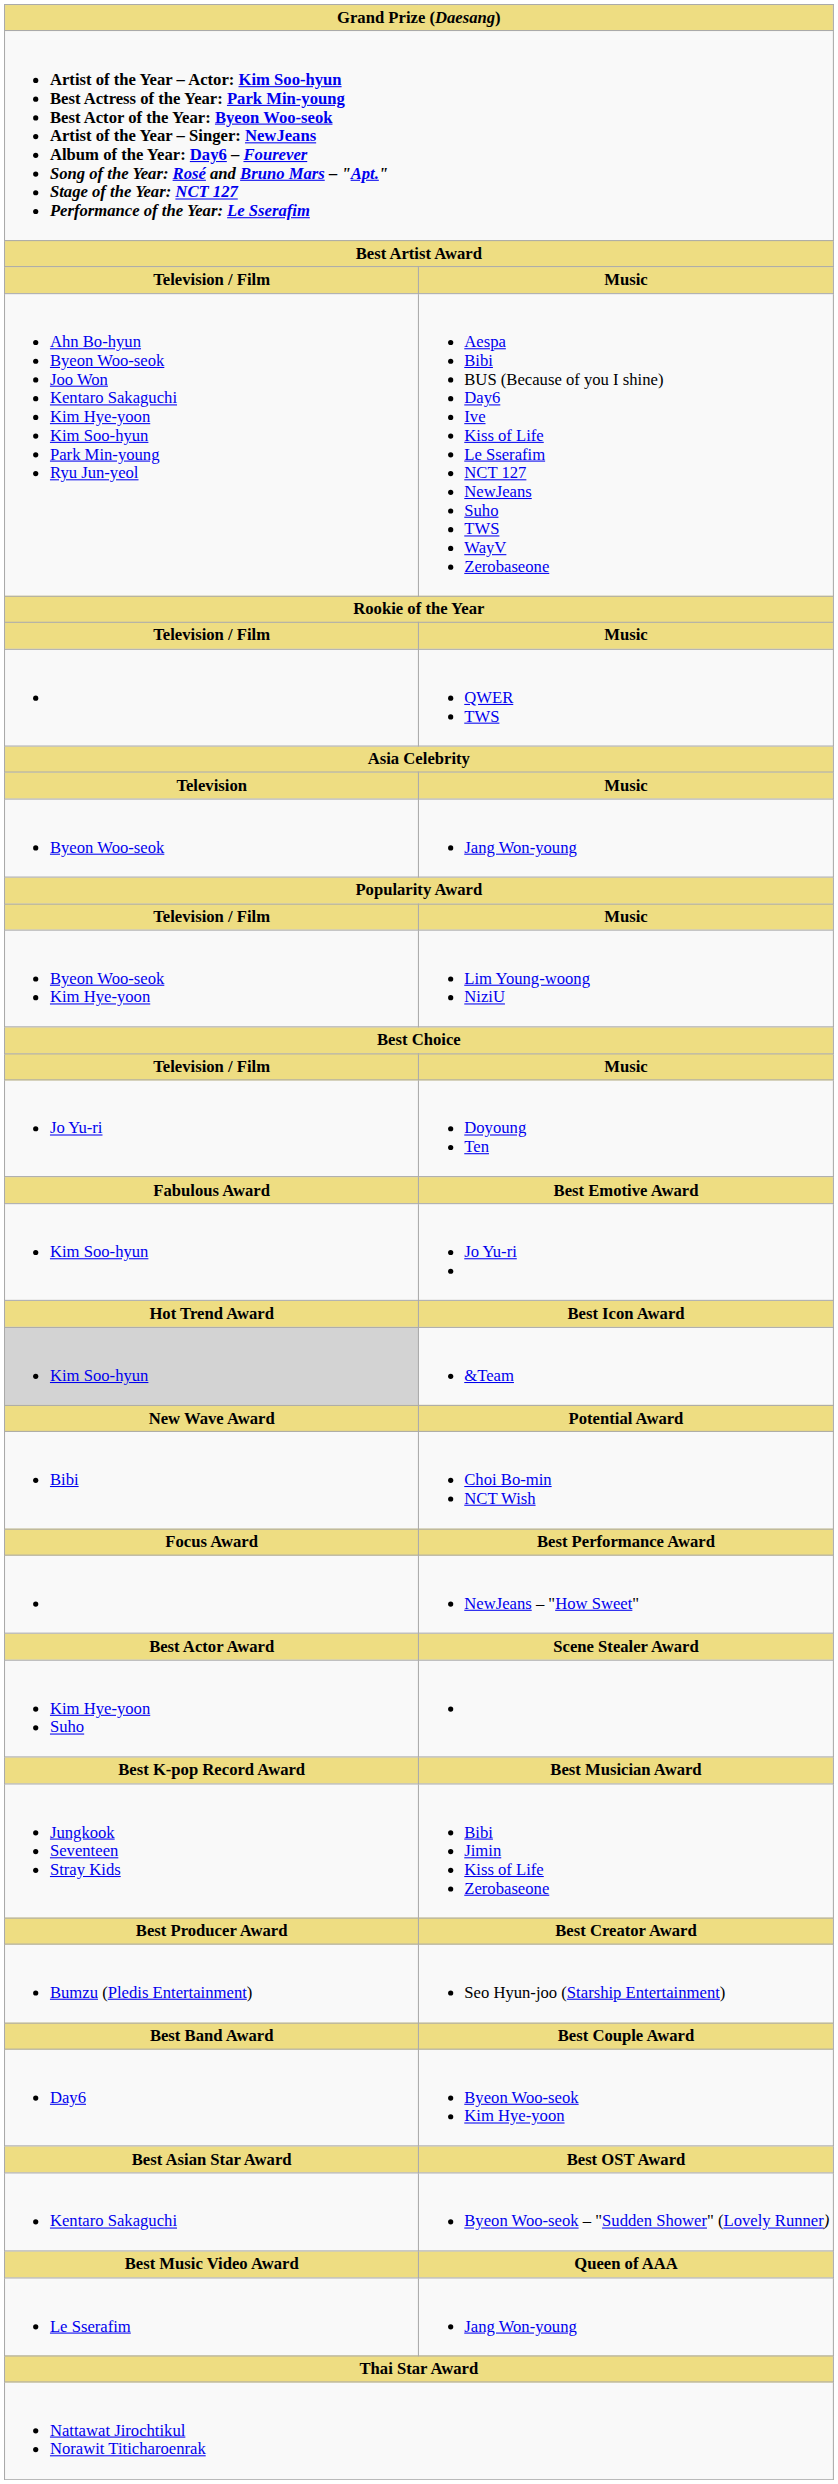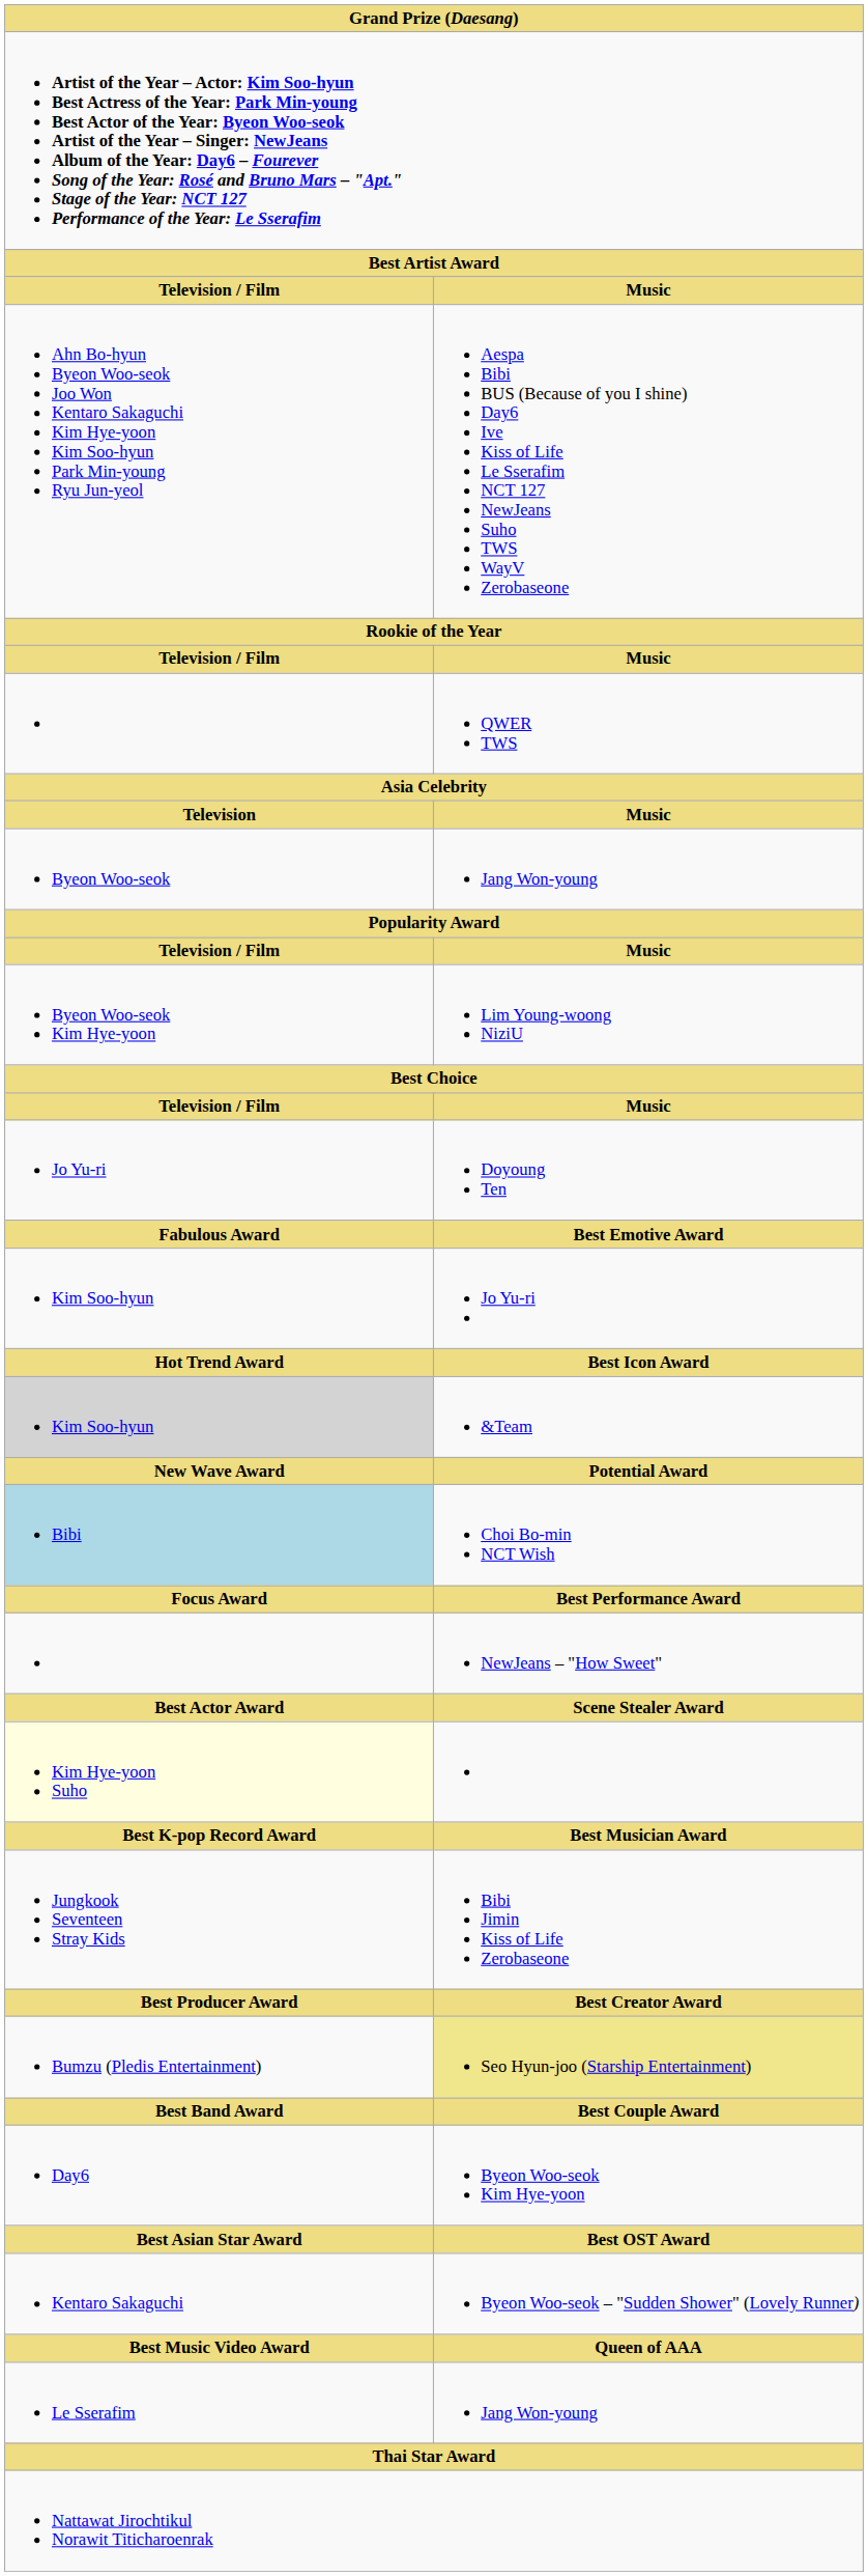 <table class="wikitable">
 <tr>
 <th scope="col" colspan="2" style="background:#eedd82">Grand Prize (<em>Daesang</em>)</th>
 </tr>
 <tr>
 <td colspan="2" style="vertical-align:top"><br><ul><li><strong>Artist of the Year – Actor: <a href='#'>Kim Soo-hyun</a></strong></li><li><strong>Best Actress of the Year: <a href='#'>Park Min-young</a></strong></li><li><strong>Best Actor of the Year: <a href='#'>Byeon Woo-seok</a></strong></li><li><strong>Artist of the Year – Singer: <a href='#'>NewJeans</a></strong></li><li><strong>Album of the Year: <a href='#'>Day6</a> – <em><a href='#'>Fourever</a><strong><em></li><li></strong>Song of the Year: <a href='#'>Rosé</a> and <a href='#'>Bruno Mars</a> – "<a href='#'>Apt.</a>"<strong></li><li></strong>Stage of the Year: <a href='#'>NCT 127</a><strong></li><li></strong>Performance of the Year: <a href='#'>Le Sserafim</a><strong></li></ul></td>
 </tr>
 <tr>
 <th scope="col" colspan="2" style="background:#eedd82">Best Artist Award</th>
 </tr>
 <tr>
 <th scope="col" style="background:#eedd82; width:50%">Television / Film</th>
 <th scope="col" style="background:#eedd82; width:50%">Music</th>
 </tr>
 <tr>
 <td style="vertical-align:top"><br><ul><li></strong><a href='#'>Ahn Bo-hyun</a><strong></li><li></strong><a href='#'>Byeon Woo-seok</a><strong></li><li></strong><a href='#'>Joo Won</a><strong></li><li></strong><a href='#'>Kentaro Sakaguchi</a><strong></li><li></strong><a href='#'>Kim Hye-yoon</a><strong></li><li></strong><a href='#'>Kim Soo-hyun</a><strong></li><li></strong><a href='#'>Park Min-young</a><strong></li><li></strong><a href='#'>Ryu Jun-yeol</a><strong></li></ul></td>
 <td style="vertical-align:top"><br><ul><li></strong><a href='#'>Aespa</a><strong></li><li></strong><a href='#'>Bibi</a><strong></li><li></strong>BUS (Because of you I shine)<strong></li><li></strong><a href='#'>Day6</a><strong></li><li></strong><a href='#'>Ive</a><strong></li><li></strong><a href='#'>Kiss of Life</a><strong></li><li></strong><a href='#'>Le Sserafim</a><strong></li><li></strong><a href='#'>NCT 127</a><strong></li><li></strong><a href='#'>NewJeans</a><strong></li><li></strong><a href='#'>Suho</a><strong></li><li></strong><a href='#'>TWS</a><strong></li><li></strong><a href='#'>WayV</a><strong></li><li></strong><a href='#'>Zerobaseone</a><strong></li></ul></td>
 </tr>
 <tr>
 <th scope="col" colspan="2" style="background:#eedd82">Rookie of the Year</th>
 </tr>
 <tr>
 <th scope="col" style="background:#eedd82; width:50%%">Television / Film</th>
 <th scope="col" style="background:#eedd82; width:50%%">Music</th>
 </tr>
 <tr>
 <td style="vertical-align:top"><br><ul><li></strong><strong></li></ul></td>
 <td style="vertical-align:top"><br><ul><li></strong><a href='#'>QWER</a><strong></li><li></strong><a href='#'>TWS</a><strong></li></ul></td>
 </tr>
 <tr>
 <th scope="col" colspan="2" style="background:#eedd82">Asia Celebrity</th>
 </tr>
 <tr>
 <th scope="col" style="background:#eedd82; width:50%">Television</th>
 <th scope="col" style="background:#eedd82; width:50%">Music</th>
 </tr>
 <tr>
 <td style="vertical-align:top"><br><ul><li></strong><a href='#'>Byeon Woo-seok</a><strong></li></ul></td>
 <td style="vertical-align:top"><br><ul><li></strong><a href='#'>Jang Won-young</a><strong></li></ul></td>
 </tr>
 <tr>
 <th scope="col" colspan="2" style="background:#eedd82">Popularity Award</th>
 </tr>
 <tr>
 <th scope="col" style="background:#eedd82; width:50%%">Television / Film</th>
 <th scope="col" style="background:#eedd82; width:50%%">Music</th>
 </tr>
 <tr>
 <td style="vertical-align:top"><br><ul><li></strong><a href='#'>Byeon Woo-seok</a><strong></li><li></strong><a href='#'>Kim Hye-yoon</a><strong></li></ul></td>
 <td style="vertical-align:top"><br><ul><li></strong><a href='#'>Lim Young-woong</a><strong></li><li></strong><a href='#'>NiziU</a><strong></li></ul></td>
 </tr>
 <tr>
 <th scope="col" colspan="2" style="background:#eedd82">Best Choice</th>
 </tr>
 <tr>
 <th scope="col" style="background:#eedd82; width:50%%">Television / Film</th>
 <th scope="col" style="background:#eedd82; width:50%%">Music</th>
 </tr>
 <tr>
 <td style="vertical-align:top"><br><ul><li></strong><a href='#'>Jo Yu-ri</a><strong></li></ul></td>
 <td style="vertical-align:top"><br><ul><li></strong><a href='#'>Doyoung</a><strong></li><li></strong><a href='#'>Ten</a><strong></li></ul></td>
 </tr>
 <tr>
 <th scope="col" style="background-color:#eedd82; width:35%">Fabulous Award</th>
 <th scope="col" style="background-color:#eedd82; width:35%">Best Emotive Award</th>
 </tr>
 <tr>
 <td style="vertical-align:top"><br><ul><li></strong><a href='#'>Kim Soo-hyun</a><strong></li></ul></td>
 <td style="vertical-align:top"><br><ul><li></strong><a href='#'>Jo Yu-ri</a><strong></li><li></strong><strong></li></ul></td>
 </tr>
 <tr>
 <th scope="col" style="background-color:#eedd82; width:35%">Hot Trend Award</th>
 <th scope="col" style="background-color:#eedd82; width:35%">Best Icon Award</th>
 </tr>
 <tr>
 <td style="background: lightgrey; vertical-align:top"><br><ul><li></strong><a href='#'>Kim Soo-hyun</a><strong></li></ul></td>
 <td style="vertical-align:top"><br><ul><li></strong><a href='#'>&Team</a><strong></li></ul></td>
 </tr>
 <tr>
 <th scope="col" style="background-color:#eedd82; width:35%">New Wave Award</th>
 <th scope="col" style="background-color:#eedd82; width:35%">Potential Award</th>
 </tr>
 <tr>
-<td style="vertical-align:top"><br><ul><li></strong><a href='#'>Bibi</a><strong></li></ul></td>
+<td style="background: lightblue; vertical-align:top"><br><ul><li></strong><a href='#'>Bibi</a><strong></li></ul></td>
 <td style="vertical-align:top"><br><ul><li></strong><a href='#'>Choi Bo-min</a><strong></li><li></strong><a href='#'>NCT Wish</a><strong></li></ul></td>
 </tr>
 <tr>
 <th scope="col" style="background-color:#eedd82; width:35%">Focus Award</th>
 <th scope="col" style="background-color:#eedd82; width:35%">Best Performance Award</th>
 </tr>
 <tr>
 <td style="vertical-align:top"><br><ul><li></strong><strong></li></ul></td>
 <td style="vertical-align:top"><br><ul><li></strong><a href='#'>NewJeans</a> – "<a href='#'>How Sweet</a>"<strong></li></ul></td>
 </tr>
 <tr>
 <th scope="col" style="background-color:#eedd82; width:35%">Best Actor Award</th>
 <th scope="col" style="background-color:#eedd82; width:35%">Scene Stealer Award</th>
 </tr>
 <tr>
-<td style="vertical-align:top"><br><ul><li></strong><a href='#'>Kim Hye-yoon</a><strong></li><li></strong><a href='#'>Suho</a><strong></li></ul></td>
+<td style="background: lightyellow; vertical-align:top"><br><ul><li></strong><a href='#'>Kim Hye-yoon</a><strong></li><li></strong><a href='#'>Suho</a><strong></li></ul></td>
 <td style="vertical-align:top"><br><ul><li></strong><strong></li></ul></td>
 </tr>
 <tr>
 <th scope="col" style="background-color:#eedd82; width:35%">Best K-pop Record Award</th>
 <th scope="col" style="background-color:#eedd82; width:35%">Best Musician Award</th>
 </tr>
 <tr>
 <td style="vertical-align:top"><br><ul><li></strong><a href='#'>Jungkook</a><strong></li><li></strong><a href='#'>Seventeen</a><strong></li><li></strong><a href='#'>Stray Kids</a><strong></li></ul></td>
 <td style="vertical-align:top"><br><ul><li></strong><a href='#'>Bibi</a><strong></li><li></strong><a href='#'>Jimin</a><strong></li><li></strong><a href='#'>Kiss of Life</a><strong></li><li></strong><a href='#'>Zerobaseone</a><strong></li></ul></td>
 </tr>
 <tr>
 <th scope="col" style="background-color:#eedd82; width:35%">Best Producer Award</th>
 <th scope="col" style="background-color:#eedd82; width:35%">Best Creator Award</th>
 </tr>
 <tr>
 <td style="vertical-align:top"><br><ul><li></strong><a href='#'>Bumzu</a> (<a href='#'>Pledis Entertainment</a>)<strong></li></ul></td>
-<td style="vertical-align:top"><br><ul><li></strong>Seo Hyun-joo (<a href='#'>Starship Entertainment</a>)<strong></li></ul></td>
+<td style="background: khaki; vertical-align:top"><br><ul><li></strong>Seo Hyun-joo (<a href='#'>Starship Entertainment</a>)<strong></li></ul></td>
 </tr>
 <tr>
 <th scope="col" style="background-color:#eedd82; width:35%">Best Band Award</th>
 <th scope="col" style="background-color:#eedd82; width:35%">Best Couple Award</th>
 </tr>
 <tr>
 <td style="vertical-align:top"><br><ul><li></strong><a href='#'>Day6</a><strong></li></ul></td>
 <td style="vertical-align:top"><br><ul><li></strong><a href='#'>Byeon Woo-seok</a><strong></li><li></strong><a href='#'>Kim Hye-yoon</a><strong></li></ul></td>
 </tr>
 <tr>
 <th scope="col" style="background-color:#eedd82; width:35%">Best Asian Star Award</th>
 <th scope="col" style="background-color:#eedd82; width:35%">Best OST Award</th>
 </tr>
 <tr>
 <td style="vertical-align:top"><br><ul><li></strong><a href='#'>Kentaro Sakaguchi</a><strong></li></ul></td>
 <td style="vertical-align:top"><br><ul><li></strong><a href='#'>Byeon Woo-seok</a> – "<a href='#'>Sudden Shower</a>" (</em><a href='#'>Lovely Runner</a><em>)<strong></li></ul></td>
 </tr>
 <tr>
 <th scope="col" style="background-color:#eedd82; width:35%">Best Music Video Award</th>
 <th scope="col" style="background-color:#eedd82; width:35%">Queen of AAA</th>
 </tr>
 <tr>
 <td style="vertical-align:top"><br><ul><li></strong><a href='#'>Le Sserafim</a><strong></li></ul></td>
 <td style="vertical-align:top"><br><ul><li></strong><a href='#'>Jang Won-young</a><strong></li></ul></td>
 </tr>
 <tr>
 <th scope="col" colspan="2" style="background:#eedd82">Thai Star Award</th>
 </tr>
 <tr>
 <td colspan="2" style="vertical-align:top"><br><ul><li></strong><a href='#'>Nattawat Jirochtikul</a><strong></li><li></strong><a href='#'>Norawit Titicharoenrak</a><strong></li></ul></td>
 </tr>
 </table>
